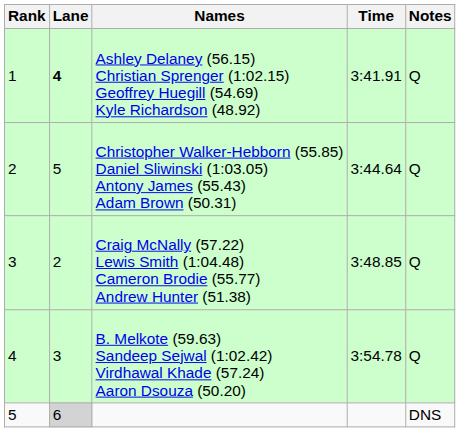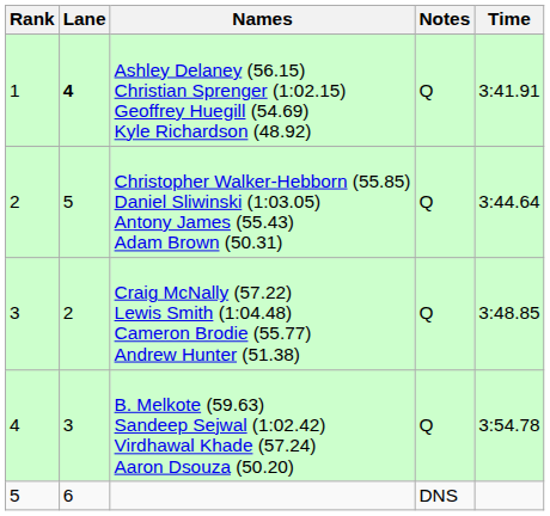 <table class="wikitable">
 <tr>
 <th>Rank</th>
 <th>Lane</th>
 <th>Names</th>
+<th>Notes</th>
 <th>Time</th>
-<th>Notes</th>
 </tr>
 <tr style="background:#cfc;">
 <td>1</td>
 <td><strong>4</strong></td>
 <td><br><a href='#'>Ashley Delaney</a> (56.15)<br><a href='#'>Christian Sprenger</a> (1:02.15)<br><a href='#'>Geoffrey Huegill</a> (54.69)<br><a href='#'>Kyle Richardson</a> (48.92)</td>
+<td>Q</td>
 <td>3:41.91</td>
-<td>Q</td>
 </tr>
 <tr style="background:#cfc;">
 <td>2</td>
 <td>5</td>
 <td><br><a href='#'>Christopher Walker-Hebborn</a> (55.85)<br><a href='#'>Daniel Sliwinski</a> (1:03.05)<br><a href='#'>Antony James</a> (55.43)<br><a href='#'>Adam Brown</a> (50.31)</td>
+<td>Q</td>
 <td>3:44.64</td>
-<td>Q</td>
 </tr>
 <tr style="background:#cfc;">
 <td>3</td>
 <td>2</td>
 <td><br><a href='#'>Craig McNally</a> (57.22)<br><a href='#'>Lewis Smith</a> (1:04.48)<br><a href='#'>Cameron Brodie</a> (55.77)<br><a href='#'>Andrew Hunter</a> (51.38)</td>
+<td>Q</td>
 <td>3:48.85</td>
-<td>Q</td>
 </tr>
 <tr style="background:#cfc;">
 <td>4</td>
 <td>3</td>
 <td><br><a href='#'>B. Melkote</a> (59.63)<br><a href='#'>Sandeep Sejwal</a> (1:02.42)<br><a href='#'>Virdhawal Khade</a> (57.24)<br><a href='#'>Aaron Dsouza</a> (50.20)</td>
+<td>Q</td>
 <td>3:54.78</td>
-<td>Q</td>
 </tr>
 <tr>
 <td>5</td>
-<td style="background: lightgrey;">6</td>
-<td></td>
+<td>6</td>
 <td></td>
 <td>DNS</td>
+<td></td>
 </tr>
 </table>
